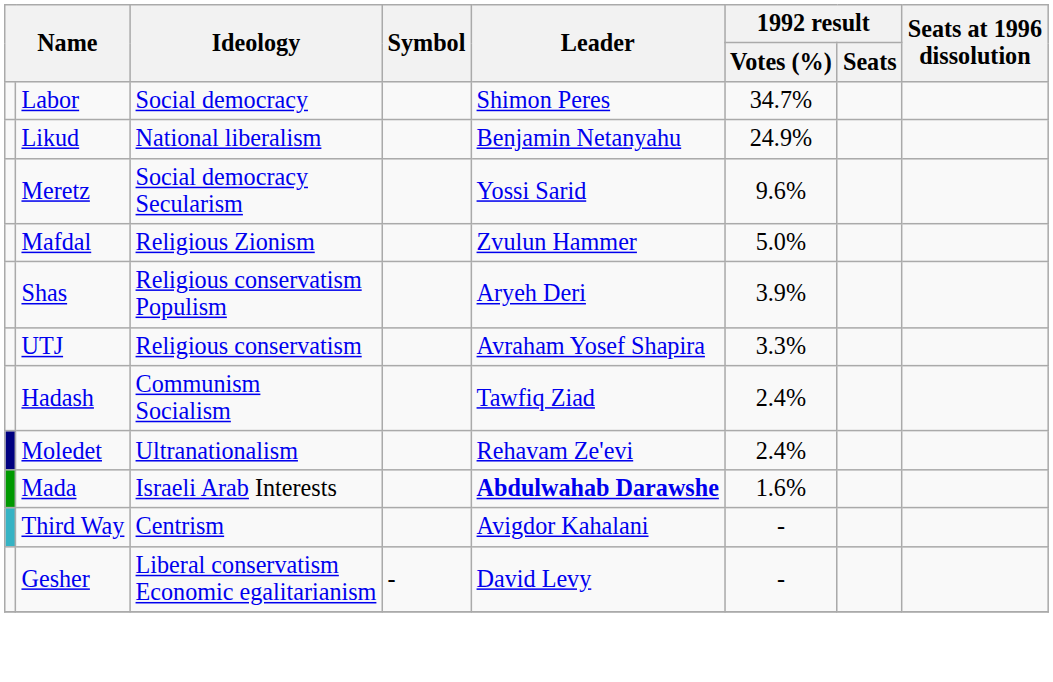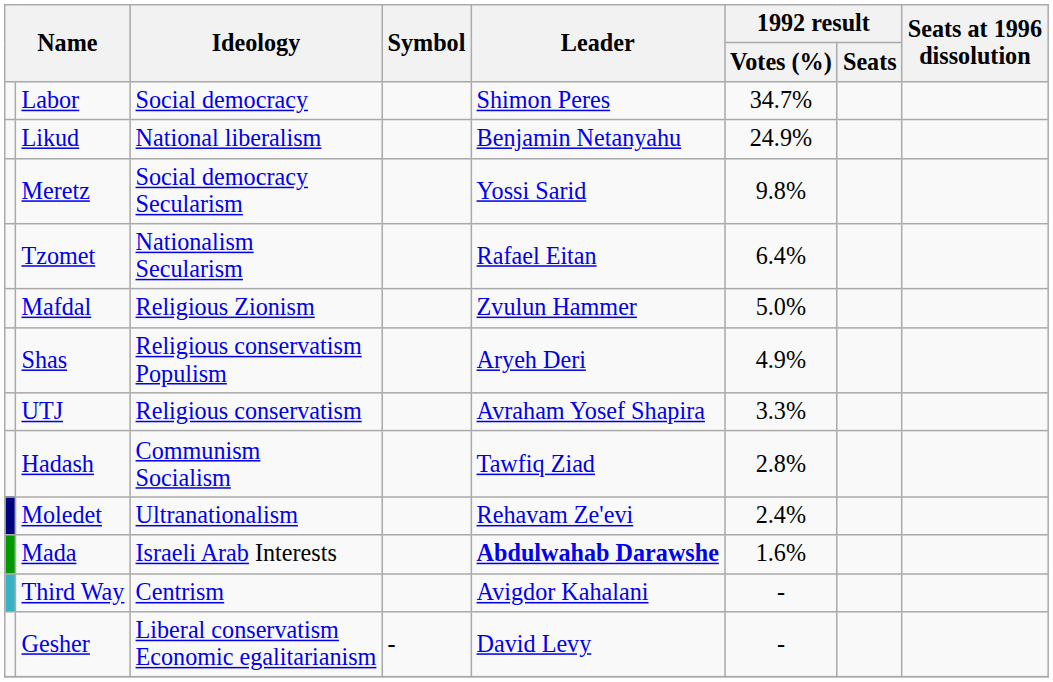 <table class="wikitable">
 <tr>
 <th rowspan="2" colspan=2>Name</th>
 <th rowspan="2">Ideology</th>
 <th rowspan="2">Symbol</th>
 <th rowspan="2">Leader</th>
 <th colspan="2">1992 result</th>
 <th rowspan="2">Seats at 1996<br>dissolution</th>
 </tr>
 <tr>
 <th>Votes (%)</th>
 <th>Seats</th>
 </tr>
 <tr>
 <td style="background:"></td>
 <td><a href='#'>Labor</a></td>
 <td><a href='#'>Social democracy</a></td>
 <td></td>
 <td><a href='#'>Shimon Peres</a></td>
 <td style="text-align:center;">34.7%</td>
 <td></td>
 <td></td>
 </tr>
 <tr>
 <td style="background:"></td>
 <td><a href='#'>Likud</a></td>
 <td><a href='#'>National liberalism</a></td>
 <td></td>
 <td><a href='#'>Benjamin Netanyahu</a></td>
 <td style="text-align:center;" rowspan=1>24.9%</td>
 <td></td>
 <td></td>
 </tr>
 <tr>
 <td style="background:"></td>
 <td><a href='#'>Meretz</a></td>
 <td><a href='#'>Social democracy</a><br><a href='#'>Secularism</a></td>
 <td></td>
 <td><a href='#'>Yossi Sarid</a></td>
-<td style="text-align:center;">9.6%</td>
+<td style="text-align:center;">9.8%</td>
+<td></td>
+<td></td>
+</tr>
+<tr>
+<td style="background:"></td>
+<td><a href='#'>Tzomet</a></td>
+<td><a href='#'>Nationalism</a><br><a href='#'>Secularism</a></td>
+<td></td>
+<td><a href='#'>Rafael Eitan</a></td>
+<td style="text-align:center;">6.4%</td>
 <td></td>
 <td></td>
 </tr>
 <tr>
 <td style="background:"></td>
 <td><a href='#'>Mafdal</a></td>
 <td><a href='#'>Religious Zionism</a></td>
 <td></td>
 <td><a href='#'>Zvulun Hammer</a></td>
 <td style="text-align:center;">5.0%</td>
 <td></td>
 <td></td>
 </tr>
 <tr>
 <td style="background:"></td>
 <td><a href='#'>Shas</a></td>
 <td><a href='#'>Religious conservatism</a><br><a href='#'>Populism</a></td>
 <td></td>
 <td><a href='#'>Aryeh Deri</a></td>
-<td style="text-align:center;">3.9%</td>
+<td style="text-align:center;">4.9%</td>
 <td></td>
 <td></td>
 </tr>
 <tr>
 <td style="background:"></td>
 <td><a href='#'>UTJ</a></td>
 <td><a href='#'>Religious conservatism</a></td>
 <td></td>
 <td><a href='#'>Avraham Yosef Shapira</a></td>
 <td style="text-align:center;">3.3%</td>
 <td></td>
 <td></td>
 </tr>
 <tr>
 <td style="background:"></td>
 <td><a href='#'>Hadash</a></td>
 <td><a href='#'>Communism</a><br><a href='#'>Socialism</a></td>
 <td></td>
 <td><a href='#'>Tawfiq Ziad</a></td>
-<td style="text-align:center;">2.4%</td>
+<td style="text-align:center;">2.8%</td>
 <td></td>
 <td></td>
 </tr>
 <tr>
 <td style="background:#000080;"></td>
 <td><a href='#'>Moledet</a></td>
 <td><a href='#'>Ultranationalism</a></td>
 <td></td>
 <td><a href='#'>Rehavam Ze'evi</a></td>
 <td style="text-align:center;">2.4%</td>
 <td></td>
 <td></td>
 </tr>
 <tr>
 <td style="background:#009900;"></td>
 <td><a href='#'>Mada</a></td>
 <td><a href='#'>Israeli Arab</a> Interests</td>
 <td></td>
 <td><strong><a href='#'>Abdulwahab Darawshe</a></strong></td>
 <td style="text-align:center;">1.6%</td>
 <td></td>
 <td></td>
 </tr>
 <tr>
 <td style="background:#36B3C4;"></td>
 <td><a href='#'>Third Way</a></td>
 <td><a href='#'>Centrism</a></td>
 <td></td>
 <td><a href='#'>Avigdor Kahalani</a></td>
 <td style="text-align:center;">-</td>
 <td></td>
 <td></td>
 </tr>
 <tr>
 <td style="background:"></td>
 <td><a href='#'>Gesher</a></td>
 <td><a href='#'>Liberal conservatism</a><br><a href='#'>Economic egalitarianism</a></td>
 <td>-</td>
 <td><a href='#'>David Levy</a></td>
 <td style="text-align:center;" rowspan=1>-</td>
 <td></td>
 <td></td>
 </tr>
 <tr>
 </tr>
 </table>
